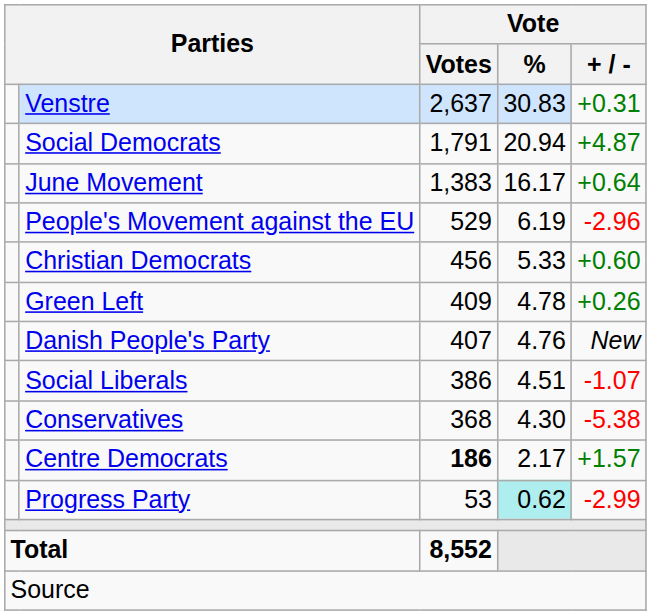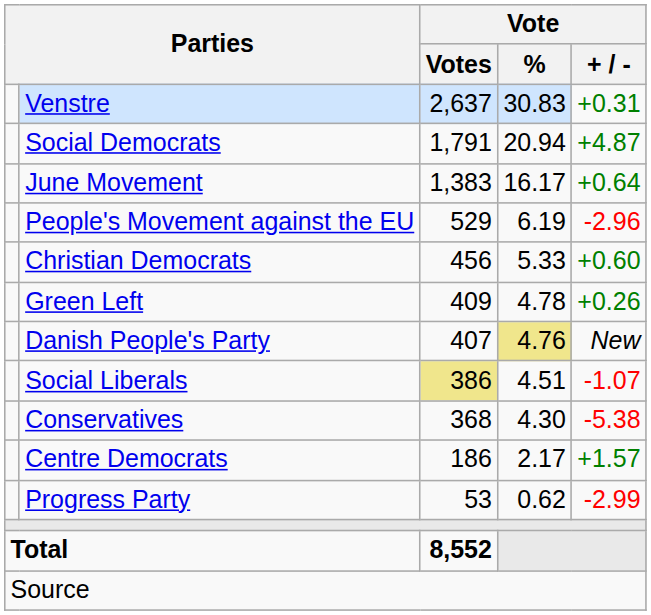 <table class="wikitable" style="text-align:right;">
 <tr>
 <th style="text-align:centre;" rowspan="2" colspan="2" width="225">Parties</th>
 <th colspan="3">Vote</th>
 </tr>
 <tr>
 <th width="15">Votes</th>
 <th width="15">%</th>
 <th width="15">+ / -</th>
 </tr>
 <tr>
 <td width="2" style="color:inherit;background:"></td>
 <td bgcolor=#cfe5fe   align="left"><a href='#'>Venstre</a></td>
 <td bgcolor=#cfe5fe>2,637</td>
 <td bgcolor=#cfe5fe>30.83</td>
 <td style=color:green;>+0.31</td>
 </tr>
 <tr>
 <td width="2" style="color:inherit;background:"></td>
 <td align="left"><a href='#'>Social Democrats</a></td>
 <td>1,791</td>
 <td>20.94</td>
 <td style=color:green;>+4.87</td>
 </tr>
 <tr>
 <td width="2" style="color:inherit;background:"></td>
 <td align="left"><a href='#'>June Movement</a></td>
 <td>1,383</td>
 <td>16.17</td>
 <td style=color:green;>+0.64</td>
 </tr>
 <tr>
 <td width="2" style="color:inherit;background:"></td>
 <td align="left"><a href='#'>People's Movement against the EU</a></td>
 <td>529</td>
 <td>6.19</td>
 <td style=color:red;>-2.96</td>
 </tr>
 <tr>
 <td width="2" style="color:inherit;background:"></td>
 <td align="left"><a href='#'>Christian Democrats</a></td>
 <td>456</td>
 <td>5.33</td>
 <td style=color:green;>+0.60</td>
 </tr>
 <tr>
 <td width="2" style="color:inherit;background:"></td>
 <td align="left"><a href='#'>Green Left</a></td>
 <td>409</td>
 <td>4.78</td>
 <td style=color:green;>+0.26</td>
 </tr>
 <tr>
 <td width="2" style="color:inherit;background:"></td>
 <td align="left"><a href='#'>Danish People's Party</a></td>
 <td>407</td>
-<td>4.76</td>
+<td style="background: khaki;">4.76</td>
 <td><em>New</em></td>
 </tr>
 <tr>
 <td width="2" style="color:inherit;background:"></td>
 <td align="left"><a href='#'>Social Liberals</a></td>
-<td>386</td>
+<td style="background: khaki;">386</td>
 <td>4.51</td>
 <td style=color:red;>-1.07</td>
 </tr>
 <tr>
 <td width="2" style="color:inherit;background:"></td>
 <td align="left"><a href='#'>Conservatives</a></td>
 <td>368</td>
 <td>4.30</td>
 <td style=color:red;>-5.38</td>
 </tr>
 <tr>
 <td width="2" style="color:inherit;background:"></td>
 <td align="left"><a href='#'>Centre Democrats</a></td>
-<td><strong>186</strong></td>
+<td>186</td>
 <td>2.17</td>
 <td style=color:green;>+1.57</td>
 </tr>
 <tr>
 <td width="2" style="color:inherit;background:"></td>
 <td align="left"><a href='#'>Progress Party</a></td>
 <td>53</td>
-<td style="background: paleturquoise;">0.62</td>
+<td>0.62</td>
 <td style=color:red;>-2.99</td>
 </tr>
 <tr>
 <td colspan="7" bgcolor="#E9E9E9"></td>
 </tr>
 <tr>
 <td align="left" colspan="2"><strong>Total</strong></td>
 <td><strong>8,552</strong></td>
 <td bgcolor="#E9E9E9" colspan="2"></td>
 </tr>
 <tr>
 <td align="left" colspan="6">Source</td>
 </tr>
 </table>
